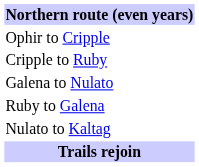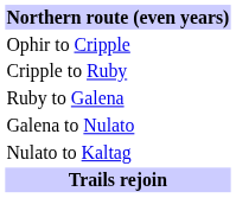 <table class="toccolours" style="float:left; margin:0 .4em; font-size:95%">
 <tr>
 <th style="text-align:center; background:#ccf;">Northern route (even years)</th>
 </tr>
 <tr>
 <td>Ophir to <a href='#'>Cripple</a> </td>
 </tr>
 <tr>
 <td>Cripple to <a href='#'>Ruby</a> </td>
 </tr>
 <tr>
-<td>Galena to <a href='#'>Nulato</a> </td>
+<td>Ruby to <a href='#'>Galena</a> </td>
 </tr>
 <tr>
-<td>Ruby to <a href='#'>Galena</a> </td>
+<td>Galena to <a href='#'>Nulato</a> </td>
 </tr>
 <tr>
 <td>Nulato to <a href='#'>Kaltag</a> </td>
 </tr>
 <tr>
 <th style="text-align:center; background:#ccf;">Trails rejoin</th>
 </tr>
 </table>
